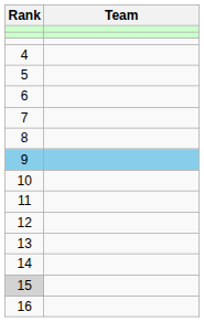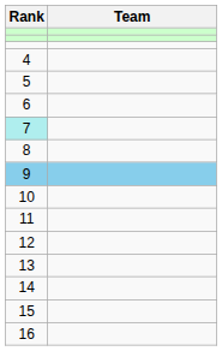 <table class="wikitable" style="text-align:center;">
 <tr>
 <th width=40>Rank</th>
 <th width=180>Team</th>
 </tr>
 <tr bgcolor=#ccffcc>
 <td></td>
 <td style="text-align:left;"></td>
 </tr>
 <tr bgcolor=#ccffcc>
 <td></td>
 <td style="text-align:left;"></td>
 </tr>
 <tr>
 <td></td>
 <td style="text-align:left;"></td>
 </tr>
 <tr>
 <td>4</td>
 <td style="text-align:left;"></td>
 </tr>
 <tr>
 <td>5</td>
 <td style="text-align:left;"></td>
 </tr>
 <tr>
 <td>6</td>
 <td style="text-align:left;"></td>
 </tr>
 <tr>
-<td>7</td>
+<td style="background: paleturquoise;">7</td>
 <td style="text-align:left;"></td>
 </tr>
 <tr>
 <td>8</td>
 <td style="text-align:left;"></td>
 </tr>
 <tr bgcolor=#87ceeb>
 <td>9</td>
 <td style="text-align:left;"></td>
 </tr>
 <tr>
 <td>10</td>
 <td style="text-align:left;"></td>
 </tr>
 <tr>
 <td>11</td>
 <td style="text-align:left;"></td>
 </tr>
 <tr>
 <td>12</td>
 <td style="text-align:left;"></td>
 </tr>
 <tr>
 <td>13</td>
 <td style="text-align:left;"></td>
 </tr>
 <tr>
 <td>14</td>
 <td style="text-align:left;"></td>
 </tr>
 <tr>
-<td style="background: lightgrey;">15</td>
+<td>15</td>
 <td style="text-align:left;"></td>
 </tr>
 <tr>
 <td>16</td>
 <td style="text-align:left;"></td>
 </tr>
 </table>
